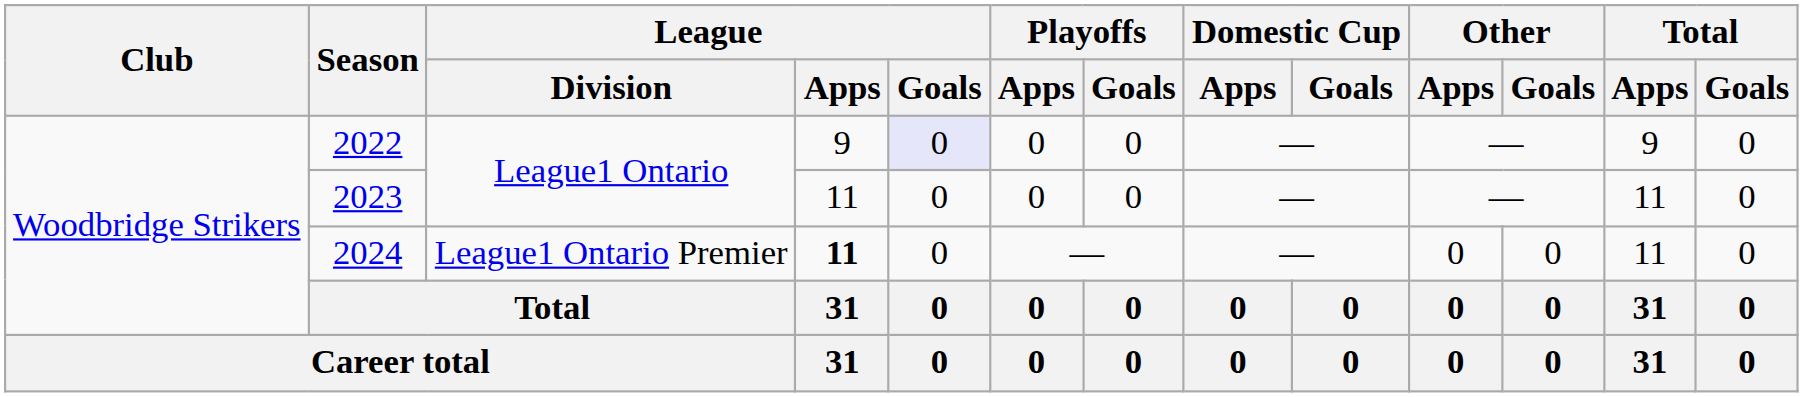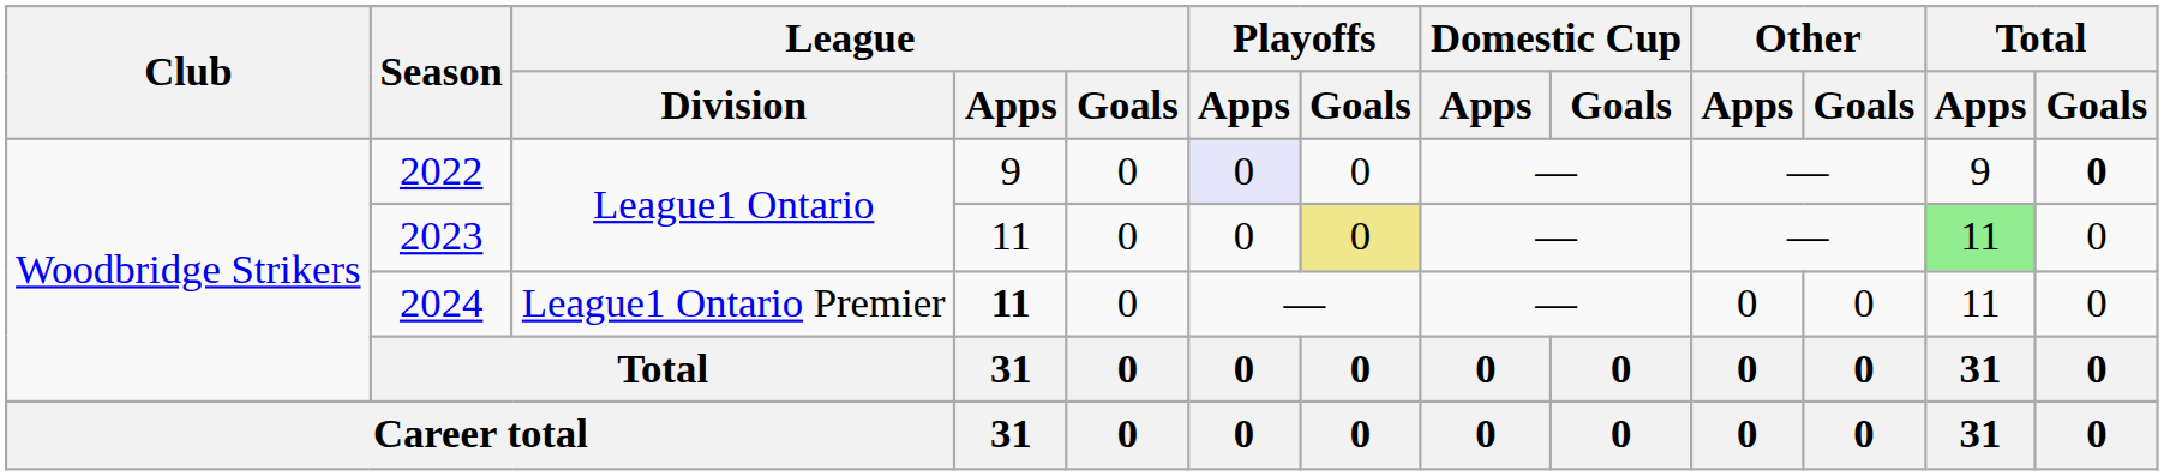 <table class="wikitable" style="text-align: center;">
 <tr>
 <th rowspan="2">Club</th>
 <th rowspan="2">Season</th>
 <th colspan="3">League</th>
 <th colspan="2">Playoffs</th>
 <th colspan="2">Domestic Cup</th>
 <th colspan="2">Other</th>
 <th colspan="2">Total</th>
 </tr>
 <tr>
 <th>Division</th>
 <th>Apps</th>
 <th>Goals</th>
 <th>Apps</th>
 <th>Goals</th>
 <th>Apps</th>
 <th>Goals</th>
 <th>Apps</th>
 <th>Goals</th>
 <th>Apps</th>
 <th>Goals</th>
 </tr>
 <tr>
 <td rowspan="4"><a href='#'>Woodbridge Strikers</a></td>
 <td><a href='#'>2022</a></td>
 <td rowspan="2"><a href='#'>League1 Ontario</a></td>
 <td>9</td>
+<td>0</td>
 <td style="background: lavender;">0</td>
-<td>0</td>
 <td>0</td>
 <td colspan="2">—</td>
 <td colspan="2">—</td>
 <td>9</td>
-<td>0</td>
+<td><strong>0</strong></td>
 </tr>
 <tr>
 <td><a href='#'>2023</a></td>
 <td>11</td>
 <td>0</td>
 <td>0</td>
-<td>0</td>
+<td style="background: khaki;">0</td>
 <td colspan="2">—</td>
 <td colspan="2">—</td>
-<td>11</td>
+<td style="background: lightgreen;">11</td>
 <td>0</td>
 </tr>
 <tr>
 <td><a href='#'>2024</a></td>
 <td><a href='#'>League1 Ontario</a> Premier</td>
 <td><strong>11</strong></td>
 <td>0</td>
 <td colspan="2">—</td>
 <td colspan="2">—</td>
 <td>0</td>
 <td>0</td>
 <td>11</td>
 <td>0</td>
 </tr>
 <tr>
 <th colspan="2">Total</th>
 <th>31</th>
 <th>0</th>
 <th>0</th>
 <th>0</th>
 <th>0</th>
 <th>0</th>
 <th>0</th>
 <th>0</th>
 <th>31</th>
 <th>0</th>
 </tr>
 <tr>
 <th colspan="3">Career total</th>
 <th>31</th>
 <th>0</th>
 <th>0</th>
 <th>0</th>
 <th>0</th>
 <th>0</th>
 <th>0</th>
 <th>0</th>
 <th>31</th>
 <th>0</th>
 </tr>
 </table>
